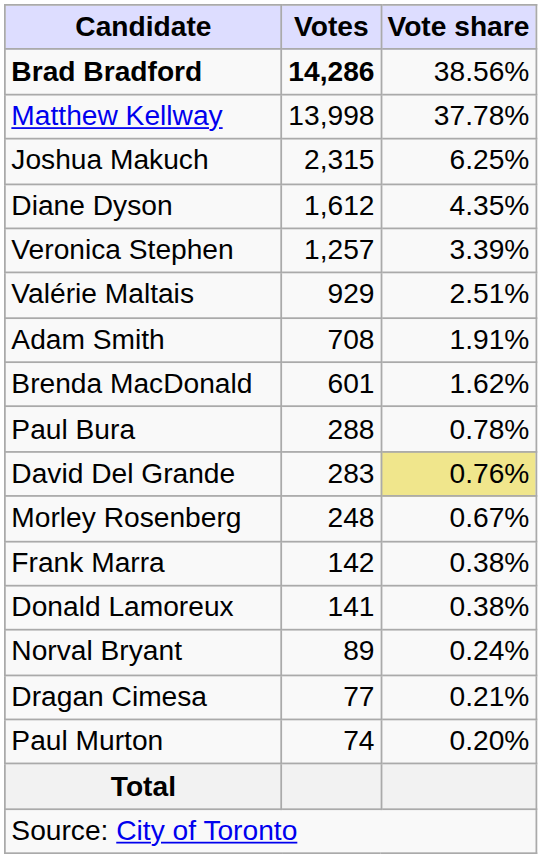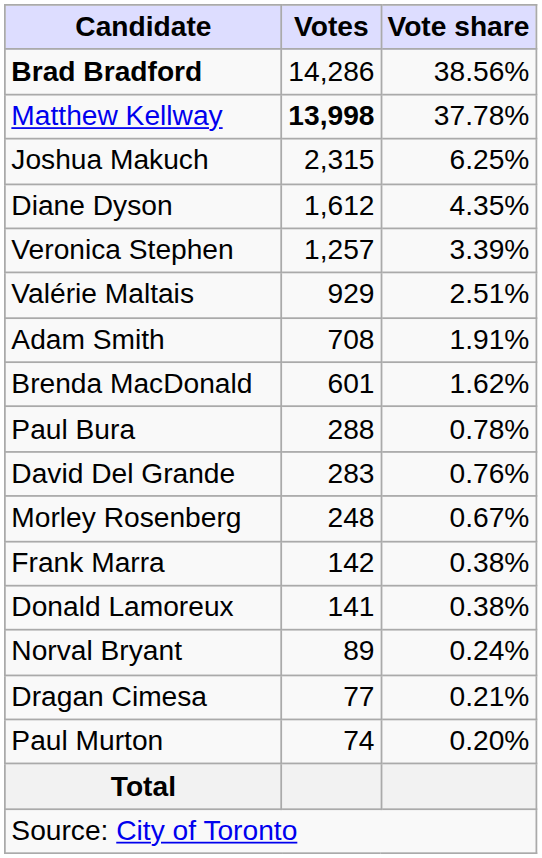 <table class="wikitable plainrowheaders">
 <tr>
 <th scope="col" style="background:#ddf; width:150px;">Candidate</th>
 <th scope="col" style="background:#ddf;">Votes</th>
 <th scope="col" style="background:#ddf;">Vote share</th>
 </tr>
 <tr>
 <td scope="row"><strong>Brad Bradford</strong></td>
-<td align="right"><strong>14,286</strong></td>
+<td align="right">14,286</td>
 <td align="right">38.56%</td>
 </tr>
 <tr>
 <td scope="row"><a href='#'>Matthew Kellway</a></td>
-<td align="right">13,998</td>
+<td align="right"><strong>13,998</strong></td>
 <td align="right">37.78%</td>
 </tr>
 <tr>
 <td scope="row">Joshua Makuch</td>
 <td align="right">2,315</td>
 <td align="right">6.25%</td>
 </tr>
 <tr>
 <td scope="row">Diane Dyson</td>
 <td align="right">1,612</td>
 <td align="right">4.35%</td>
 </tr>
 <tr>
 <td scope="row">Veronica Stephen</td>
 <td align="right">1,257</td>
 <td align="right">3.39%</td>
 </tr>
 <tr>
 <td scope="row">Valérie Maltais</td>
 <td align="right">929</td>
 <td align="right">2.51%</td>
 </tr>
 <tr>
 <td scope="row">Adam Smith</td>
 <td align="right">708</td>
 <td align="right">1.91%</td>
 </tr>
 <tr>
 <td scope="row">Brenda MacDonald</td>
 <td align="right">601</td>
 <td align="right">1.62%</td>
 </tr>
 <tr>
 <td>Paul Bura</td>
 <td align="right">288</td>
 <td align="right">0.78%</td>
 </tr>
 <tr>
 <td scope="row">David Del Grande</td>
 <td align="right">283</td>
-<td align="right" style="background: khaki;">0.76%</td>
+<td align="right">0.76%</td>
 </tr>
 <tr>
 <td scope="row">Morley Rosenberg</td>
 <td align="right">248</td>
 <td align="right">0.67%</td>
 </tr>
 <tr>
 <td scope="row">Frank Marra</td>
 <td align="right">142</td>
 <td align="right">0.38%</td>
 </tr>
 <tr>
 <td>Donald Lamoreux</td>
 <td align="right">141</td>
 <td align="right">0.38%</td>
 </tr>
 <tr>
 <td>Norval Bryant</td>
 <td align="right">89</td>
 <td align="right">0.24%</td>
 </tr>
 <tr>
 <td>Dragan Cimesa</td>
 <td align="right">77</td>
 <td align="right">0.21%</td>
 </tr>
 <tr>
 <td>Paul Murton</td>
 <td align="right">74</td>
 <td align="right">0.20%</td>
 </tr>
 <tr>
 <th scope="row"><strong>Total</strong></th>
 <th align="right"></th>
 <th align="right"></th>
 </tr>
 <tr>
 <td colspan="3">Source: <a href='#'>City of Toronto</a></td>
 </tr>
 </table>
